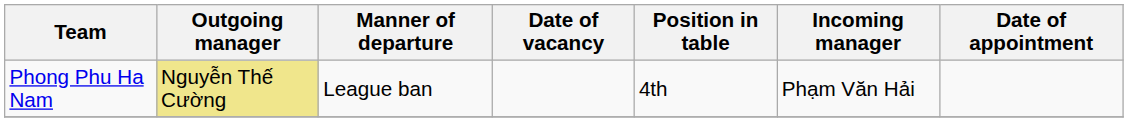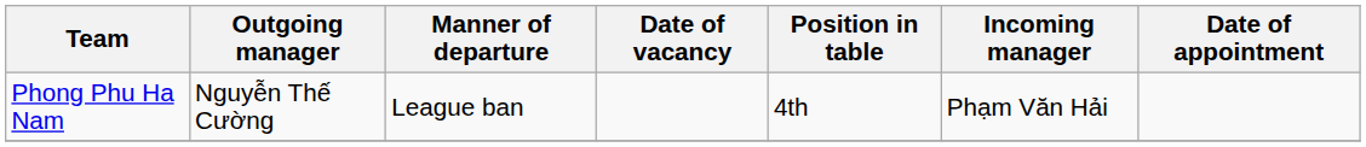 <table class="wikitable sortable">
 <tr>
 <th>Team</th>
 <th>Outgoing manager</th>
 <th>Manner of departure</th>
 <th>Date of vacancy</th>
 <th>Position in table</th>
 <th>Incoming manager</th>
 <th>Date of appointment</th>
 </tr>
 <tr>
 <td><a href='#'>Phong Phu Ha Nam</a></td>
-<td style="background: khaki;"> Nguyễn Thế Cường</td>
+<td> Nguyễn Thế Cường</td>
 <td>League ban</td>
 <td></td>
 <td>4th</td>
 <td> Phạm Văn Hải</td>
 <td></td>
 </tr>
 <tr>
 </tr>
 </table>
